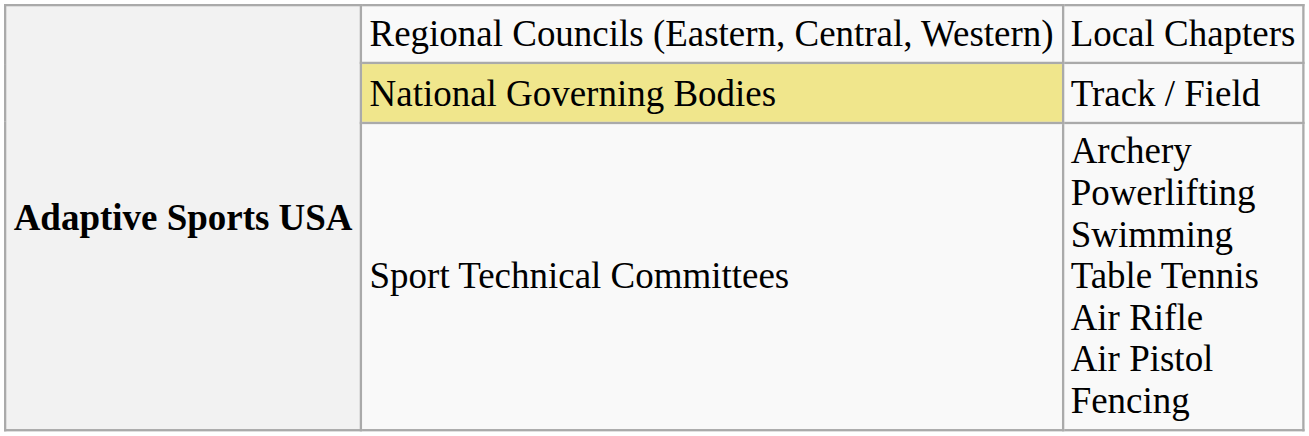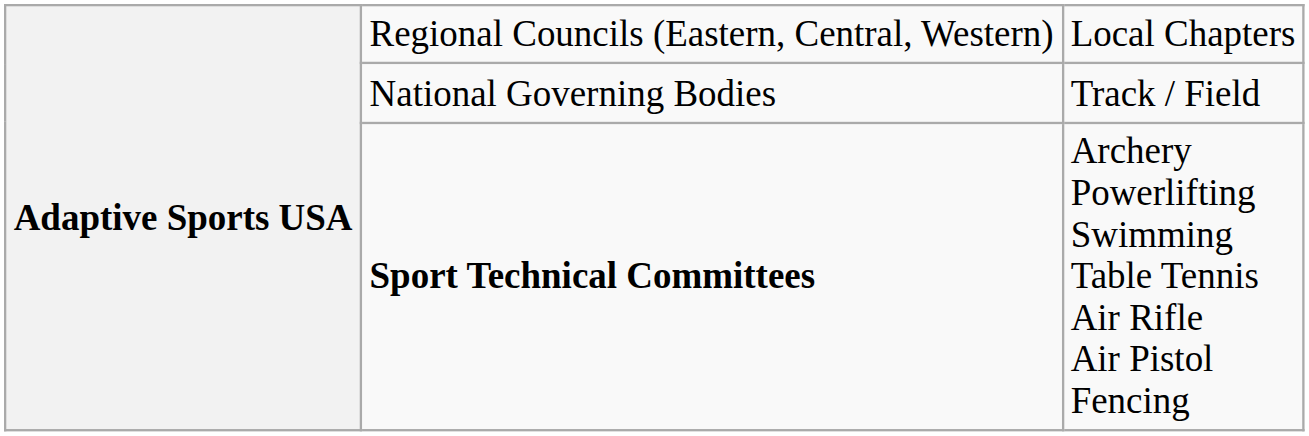 <table class="wikitable">
 <tr>
 <th rowspan="3">Adaptive Sports USA</th>
 <td>Regional Councils (Eastern, Central, Western)</td>
 <td>Local Chapters</td>
 </tr>
 <tr>
-<td style="background: khaki;">National Governing Bodies</td>
+<td>National Governing Bodies</td>
 <td colspan="2">Track / Field</td>
 </tr>
 <tr>
-<td>Sport Technical Committees</td>
+<td><strong>Sport Technical Committees</strong></td>
 <td colspan="2">Archery <br>Powerlifting<br>Swimming<br>Table Tennis<br>Air Rifle<br>Air Pistol<br>Fencing</td>
 </tr>
 </table>
